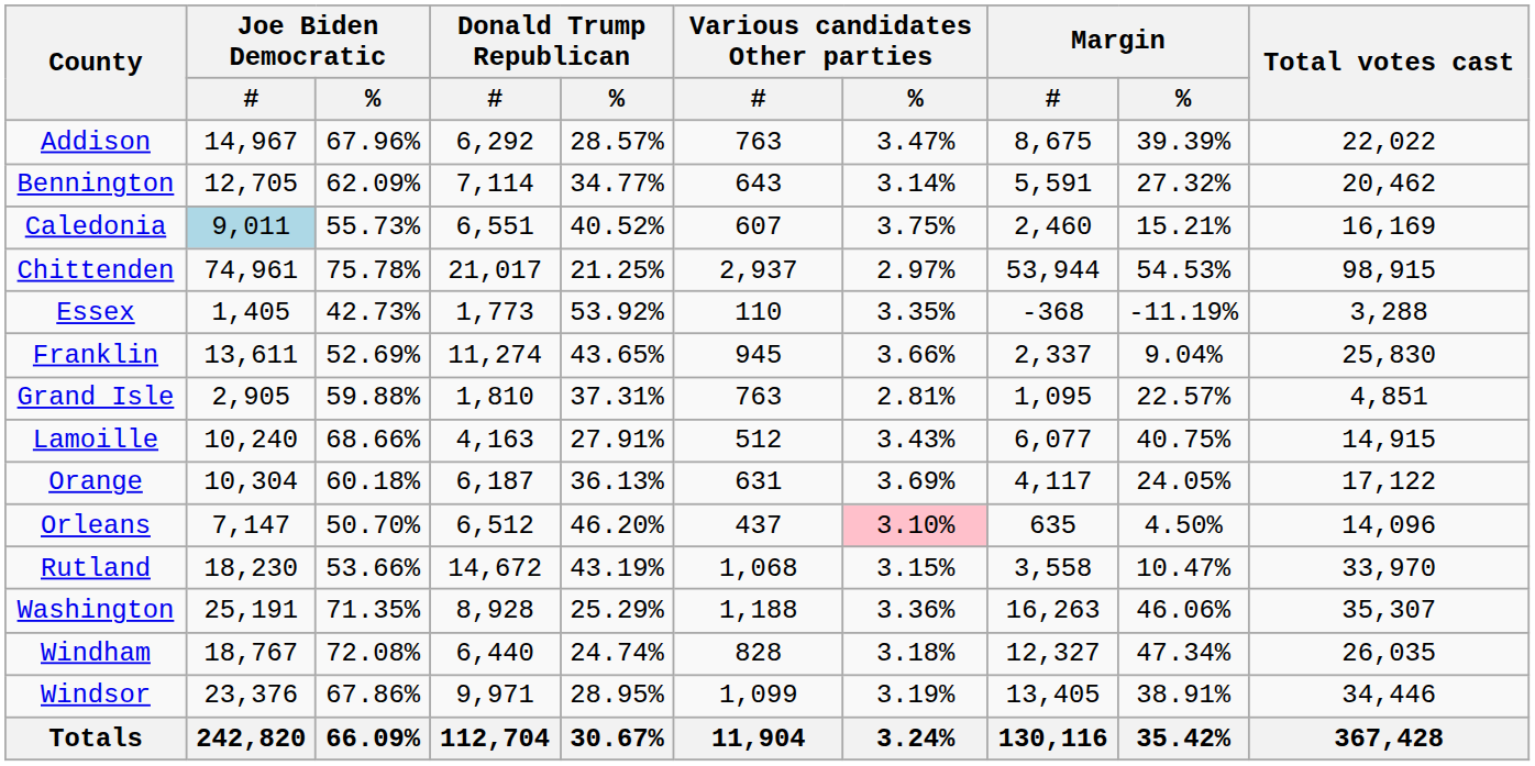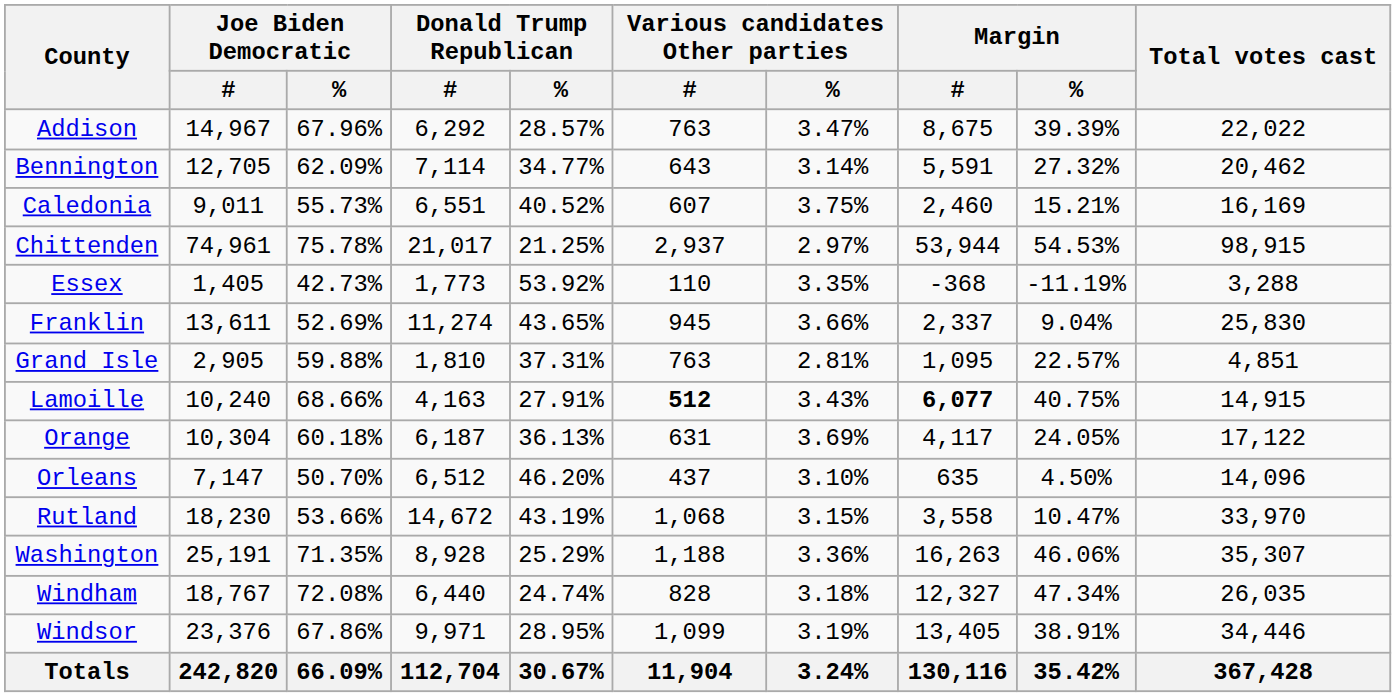 <table width="60%"  class="wikitable sortable" style="text-align:center">
 <tr>
 <th style="text-align:center;" rowspan="2">County</th>
 <th style="text-align:center;" colspan="2">Joe Biden<br>Democratic</th>
 <th style="text-align:center;" colspan="2">Donald Trump<br>Republican</th>
 <th style="text-align:center;" colspan="2">Various candidates<br>Other parties</th>
 <th style="text-align:center;" colspan="2">Margin</th>
 <th style="text-align:center;" rowspan="2">Total votes cast</th>
 </tr>
 <tr>
 <th style="text-align:center;" data-sort-type="number">#</th>
 <th style="text-align:center;" data-sort-type="number">%</th>
 <th style="text-align:center;" data-sort-type="number">#</th>
 <th style="text-align:center;" data-sort-type="number">%</th>
 <th style="text-align:center;" data-sort-type="number">#</th>
 <th style="text-align:center;" data-sort-type="number">%</th>
 <th style="text-align:center;" data-sort-type="number">#</th>
 <th style="text-align:center;" data-sort-type="number">%</th>
 </tr>
 <tr style="text-align:center;">
 <td><a href='#'>Addison</a></td>
 <td>14,967</td>
 <td>67.96%</td>
 <td>6,292</td>
 <td>28.57%</td>
 <td>763</td>
 <td>3.47%</td>
 <td>8,675</td>
 <td>39.39%</td>
 <td>22,022</td>
 </tr>
 <tr style="text-align:center;">
 <td><a href='#'>Bennington</a></td>
 <td>12,705</td>
 <td>62.09%</td>
 <td>7,114</td>
 <td>34.77%</td>
 <td>643</td>
 <td>3.14%</td>
 <td>5,591</td>
 <td>27.32%</td>
 <td>20,462</td>
 </tr>
 <tr style="text-align:center;">
 <td><a href='#'>Caledonia</a></td>
-<td style="background: lightblue;">9,011</td>
+<td>9,011</td>
 <td>55.73%</td>
 <td>6,551</td>
 <td>40.52%</td>
 <td>607</td>
 <td>3.75%</td>
 <td>2,460</td>
 <td>15.21%</td>
 <td>16,169</td>
 </tr>
 <tr style="text-align:center;">
 <td><a href='#'>Chittenden</a></td>
 <td>74,961</td>
 <td>75.78%</td>
 <td>21,017</td>
 <td>21.25%</td>
 <td>2,937</td>
 <td>2.97%</td>
 <td>53,944</td>
 <td>54.53%</td>
 <td>98,915</td>
 </tr>
 <tr style="text-align:center;">
 <td><a href='#'>Essex</a></td>
 <td>1,405</td>
 <td>42.73%</td>
 <td>1,773</td>
 <td>53.92%</td>
 <td>110</td>
 <td>3.35%</td>
 <td>-368</td>
 <td>-11.19%</td>
 <td>3,288</td>
 </tr>
 <tr style="text-align:center;">
 <td><a href='#'>Franklin</a></td>
 <td>13,611</td>
 <td>52.69%</td>
 <td>11,274</td>
 <td>43.65%</td>
 <td>945</td>
 <td>3.66%</td>
 <td>2,337</td>
 <td>9.04%</td>
 <td>25,830</td>
 </tr>
 <tr style="text-align:center;">
 <td><a href='#'>Grand Isle</a></td>
 <td>2,905</td>
 <td>59.88%</td>
 <td>1,810</td>
 <td>37.31%</td>
 <td>763</td>
 <td>2.81%</td>
 <td>1,095</td>
 <td>22.57%</td>
 <td>4,851</td>
 </tr>
 <tr style="text-align:center;">
 <td><a href='#'>Lamoille</a></td>
 <td>10,240</td>
 <td>68.66%</td>
 <td>4,163</td>
 <td>27.91%</td>
-<td>512</td>
+<td><strong>512</strong></td>
 <td>3.43%</td>
-<td>6,077</td>
+<td><strong>6,077</strong></td>
 <td>40.75%</td>
 <td>14,915</td>
 </tr>
 <tr style="text-align:center;">
 <td><a href='#'>Orange</a></td>
 <td>10,304</td>
 <td>60.18%</td>
 <td>6,187</td>
 <td>36.13%</td>
 <td>631</td>
 <td>3.69%</td>
 <td>4,117</td>
 <td>24.05%</td>
 <td>17,122</td>
 </tr>
 <tr style="text-align:center;">
 <td><a href='#'>Orleans</a></td>
 <td>7,147</td>
 <td>50.70%</td>
 <td>6,512</td>
 <td>46.20%</td>
 <td>437</td>
-<td style="background: pink;">3.10%</td>
+<td>3.10%</td>
 <td>635</td>
 <td>4.50%</td>
 <td>14,096</td>
 </tr>
 <tr style="text-align:center;">
 <td><a href='#'>Rutland</a></td>
 <td>18,230</td>
 <td>53.66%</td>
 <td>14,672</td>
 <td>43.19%</td>
 <td>1,068</td>
 <td>3.15%</td>
 <td>3,558</td>
 <td>10.47%</td>
 <td>33,970</td>
 </tr>
 <tr style="text-align:center;">
 <td><a href='#'>Washington</a></td>
 <td>25,191</td>
 <td>71.35%</td>
 <td>8,928</td>
 <td>25.29%</td>
 <td>1,188</td>
 <td>3.36%</td>
 <td>16,263</td>
 <td>46.06%</td>
 <td>35,307</td>
 </tr>
 <tr style="text-align:center;">
 <td><a href='#'>Windham</a></td>
 <td>18,767</td>
 <td>72.08%</td>
 <td>6,440</td>
 <td>24.74%</td>
 <td>828</td>
 <td>3.18%</td>
 <td>12,327</td>
 <td>47.34%</td>
 <td>26,035</td>
 </tr>
 <tr style="text-align:center;">
 <td><a href='#'>Windsor</a></td>
 <td>23,376</td>
 <td>67.86%</td>
 <td>9,971</td>
 <td>28.95%</td>
 <td>1,099</td>
 <td>3.19%</td>
 <td>13,405</td>
 <td>38.91%</td>
 <td>34,446</td>
 </tr>
 <tr>
 <th>Totals</th>
 <th>242,820</th>
 <th>66.09%</th>
 <th>112,704</th>
 <th>30.67%</th>
 <th>11,904</th>
 <th>3.24%</th>
 <th>130,116</th>
 <th>35.42%</th>
 <th>367,428</th>
 </tr>
 </table>
